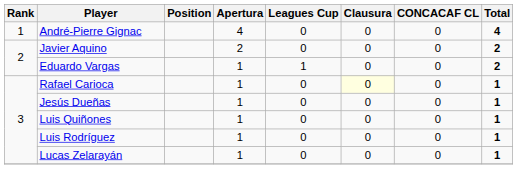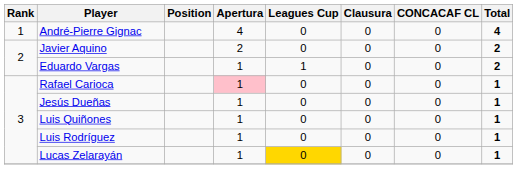 <table class="wikitable">
 <tr>
 <th>Rank</th>
 <th style="width:175px;">Player</th>
 <th>Position</th>
 <th>Apertura</th>
 <th>Leagues Cup</th>
 <th>Clausura</th>
 <th>CONCACAF CL</th>
 <th>Total</th>
 </tr>
 <tr>
 <td align=center>1</td>
 <td> <a href='#'>André-Pierre Gignac</a></td>
 <td align=center></td>
 <td align=center>4</td>
 <td align=center>0</td>
 <td align=center>0</td>
 <td align=center>0</td>
 <td align=center><strong>4</strong></td>
 </tr>
 <tr>
 <td align=center rowspan=2>2</td>
 <td> <a href='#'>Javier Aquino</a></td>
 <td align=center></td>
 <td align=center>2</td>
 <td align=center>0</td>
 <td align=center>0</td>
 <td align=center>0</td>
 <td align=center><strong>2</strong></td>
 </tr>
 <tr>
 <td> <a href='#'>Eduardo Vargas</a></td>
 <td align=center></td>
 <td align=center>1</td>
 <td align=center>1</td>
 <td align=center>0</td>
 <td align=center>0</td>
 <td align=center><strong>2</strong></td>
 </tr>
 <tr>
 <td align=center rowspan=5>3</td>
 <td> <a href='#'>Rafael Carioca</a></td>
 <td align=center></td>
-<td align=center>1</td>
+<td align=center style="background: pink;">1</td>
 <td align=center>0</td>
-<td align=center style="background: lightyellow;">0</td>
+<td align=center>0</td>
 <td align=center>0</td>
 <td align=center><strong>1</strong></td>
 </tr>
 <tr>
 <td> <a href='#'>Jesús Dueñas</a></td>
 <td align=center></td>
 <td align=center>1</td>
 <td align=center>0</td>
 <td align=center>0</td>
 <td align=center>0</td>
 <td align=center><strong>1</strong></td>
 </tr>
 <tr>
 <td> <a href='#'>Luis Quiñones</a></td>
 <td align=center></td>
 <td align=center>1</td>
 <td align=center>0</td>
 <td align=center>0</td>
 <td align=center>0</td>
 <td align=center><strong>1</strong></td>
 </tr>
 <tr>
 <td> <a href='#'>Luis Rodríguez</a></td>
 <td align=center></td>
 <td align=center>1</td>
 <td align=center>0</td>
 <td align=center>0</td>
 <td align=center>0</td>
 <td align=center><strong>1</strong></td>
 </tr>
 <tr>
 <td> <a href='#'>Lucas Zelarayán</a></td>
 <td align=center></td>
 <td align=center>1</td>
-<td align=center>0</td>
+<td align=center style="background: gold;">0</td>
 <td align=center>0</td>
 <td align=center>0</td>
 <td align=center><strong>1</strong></td>
 </tr>
 <tr>
 </tr>
 </table>
